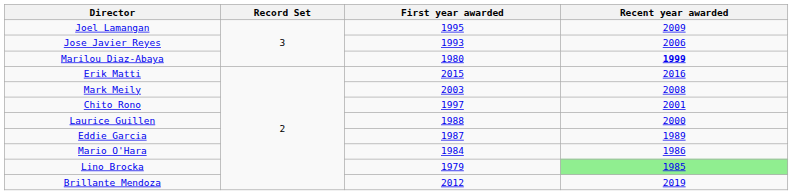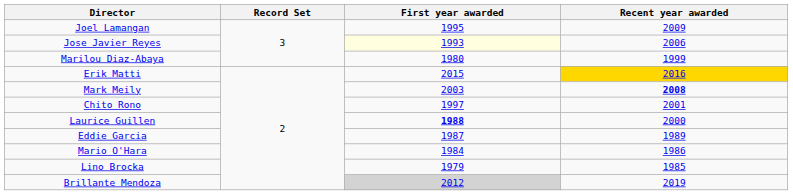 <table class="wikitable" width=85% style="text-align: center">
 <tr>
 <th>Director</th>
 <th>Record Set</th>
 <th>First year awarded</th>
 <th>Recent year awarded</th>
 </tr>
 <tr>
 <td><a href='#'>Joel Lamangan</a></td>
 <td rowspan=3>3</td>
 <td><a href='#'>1995</a></td>
 <td><a href='#'>2009</a></td>
 </tr>
 <tr>
 <td><a href='#'>Jose Javier Reyes</a></td>
-<td><a href='#'>1993</a></td>
+<td style="background: lightyellow;"><a href='#'>1993</a></td>
 <td><a href='#'>2006</a></td>
 </tr>
 <tr>
 <td><a href='#'>Marilou Diaz-Abaya</a></td>
 <td><a href='#'>1980</a></td>
-<td><strong><a href='#'>1999</a></strong></td>
+<td><a href='#'>1999</a></td>
 </tr>
 <tr>
 <td><a href='#'>Erik Matti</a></td>
 <td rowspan=8>2</td>
 <td><a href='#'>2015</a></td>
-<td><a href='#'>2016</a></td>
+<td style="background: gold;"><a href='#'>2016</a></td>
 </tr>
 <tr>
 <td><a href='#'>Mark Meily</a></td>
 <td><a href='#'>2003</a></td>
-<td><a href='#'>2008</a></td>
+<td><strong><a href='#'>2008</a></strong></td>
 </tr>
 <tr>
 <td><a href='#'>Chito Rono</a></td>
 <td><a href='#'>1997</a></td>
 <td><a href='#'>2001</a></td>
 </tr>
 <tr>
 <td><a href='#'>Laurice Guillen</a></td>
-<td><a href='#'>1988</a></td>
+<td><strong><a href='#'>1988</a></strong></td>
 <td><a href='#'>2000</a></td>
 </tr>
 <tr>
 <td><a href='#'>Eddie Garcia</a></td>
 <td><a href='#'>1987</a></td>
 <td><a href='#'>1989</a></td>
 </tr>
 <tr>
 <td><a href='#'>Mario O'Hara</a></td>
 <td><a href='#'>1984</a></td>
 <td><a href='#'>1986</a></td>
 </tr>
 <tr>
 <td><a href='#'>Lino Brocka</a></td>
 <td><a href='#'>1979</a></td>
-<td style="background: lightgreen;"><a href='#'>1985</a></td>
+<td><a href='#'>1985</a></td>
 </tr>
 <tr>
 <td><a href='#'>Brillante Mendoza</a></td>
-<td><a href='#'>2012</a></td>
+<td style="background: lightgrey;"><a href='#'>2012</a></td>
 <td><a href='#'>2019</a></td>
 </tr>
 </table>
